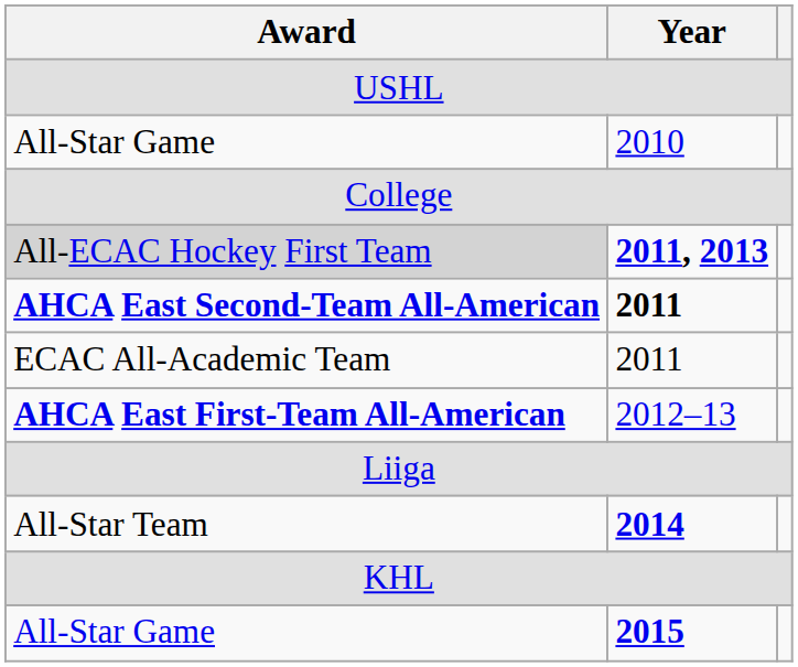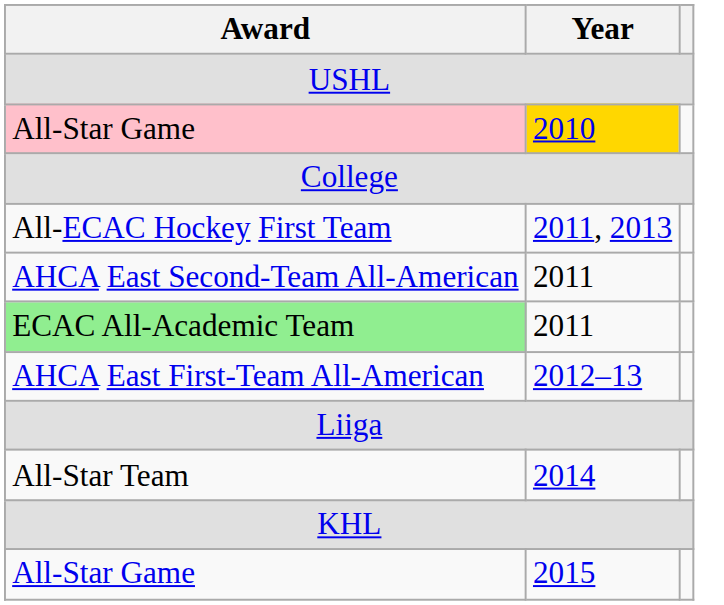 <table class="wikitable">
 <tr>
 <th>Award</th>
 <th>Year</th>
 <th></th>
 </tr>
 <tr ALIGN="center" bgcolor="#e0e0e0">
 <td colspan="3"><a href='#'>USHL</a></td>
 </tr>
 <tr>
-<td>All-Star Game</td>
-<td><a href='#'>2010</a></td>
+<td style="background: pink;">All-Star Game</td>
+<td style="background: gold;"><a href='#'>2010</a></td>
 <td></td>
 </tr>
 <tr ALIGN="center" bgcolor="#e0e0e0">
 <td colspan="3"><a href='#'>College</a></td>
 </tr>
 <tr>
-<td style="background: lightgrey;">All-<a href='#'>ECAC Hockey</a> <a href='#'>First Team</a></td>
-<td><strong><a href='#'>2011</a>, <a href='#'>2013</a></strong></td>
+<td>All-<a href='#'>ECAC Hockey</a> <a href='#'>First Team</a></td>
+<td><a href='#'>2011</a>, <a href='#'>2013</a></td>
 <td></td>
 </tr>
 <tr>
-<td><strong><a href='#'>AHCA</a> <a href='#'>East Second-Team All-American</a></strong></td>
-<td><strong>2011</strong></td>
-<td></td>
-</tr>
-<tr>
-<td>ECAC All-Academic Team</td>
+<td><a href='#'>AHCA</a> <a href='#'>East Second-Team All-American</a></td>
 <td>2011</td>
 <td></td>
 </tr>
 <tr>
-<td><strong><a href='#'>AHCA</a> <a href='#'>East First-Team All-American</a></strong></td>
+<td style="background: lightgreen;">ECAC All-Academic Team</td>
+<td>2011</td>
+<td></td>
+</tr>
+<tr>
+<td><a href='#'>AHCA</a> <a href='#'>East First-Team All-American</a></td>
 <td><a href='#'>2012–13</a></td>
 <td></td>
 </tr>
 <tr ALIGN="center" bgcolor="#e0e0e0">
 <td colspan="3"><a href='#'>Liiga</a></td>
 </tr>
 <tr>
 <td>All-Star Team</td>
-<td><strong><a href='#'>2014</a></strong></td>
+<td><a href='#'>2014</a></td>
 <td></td>
 </tr>
 <tr ALIGN="center" bgcolor="#e0e0e0">
 <td colspan="3"><a href='#'>KHL</a></td>
 </tr>
 <tr>
 <td><a href='#'>All-Star Game</a></td>
-<td><strong><a href='#'>2015</a></strong></td>
+<td><a href='#'>2015</a></td>
 <td></td>
 </tr>
 </table>
